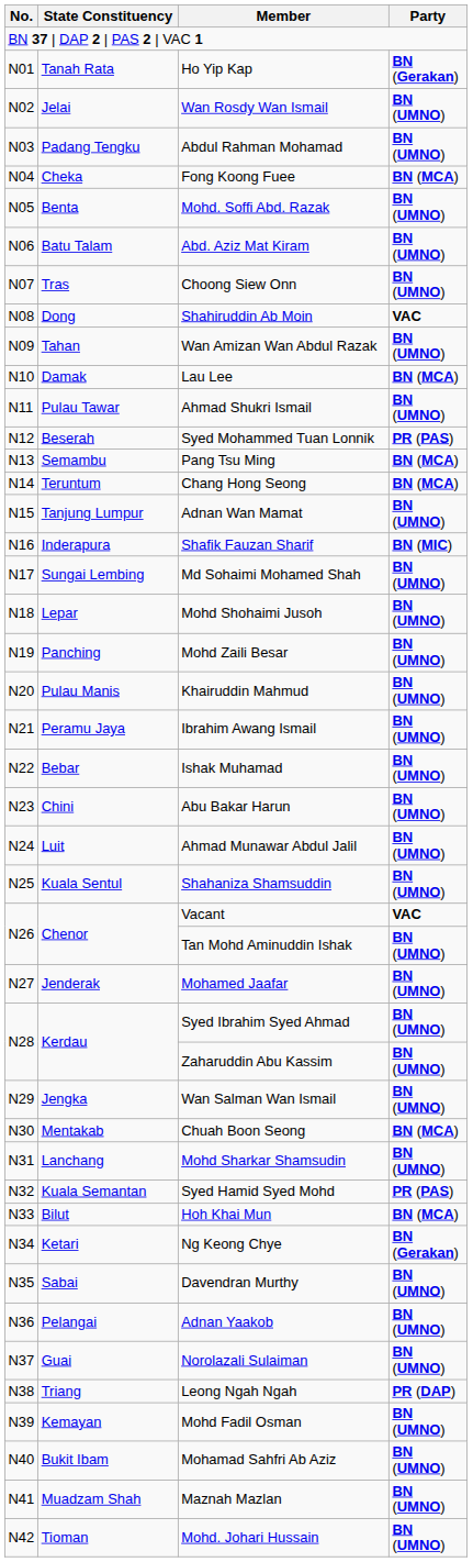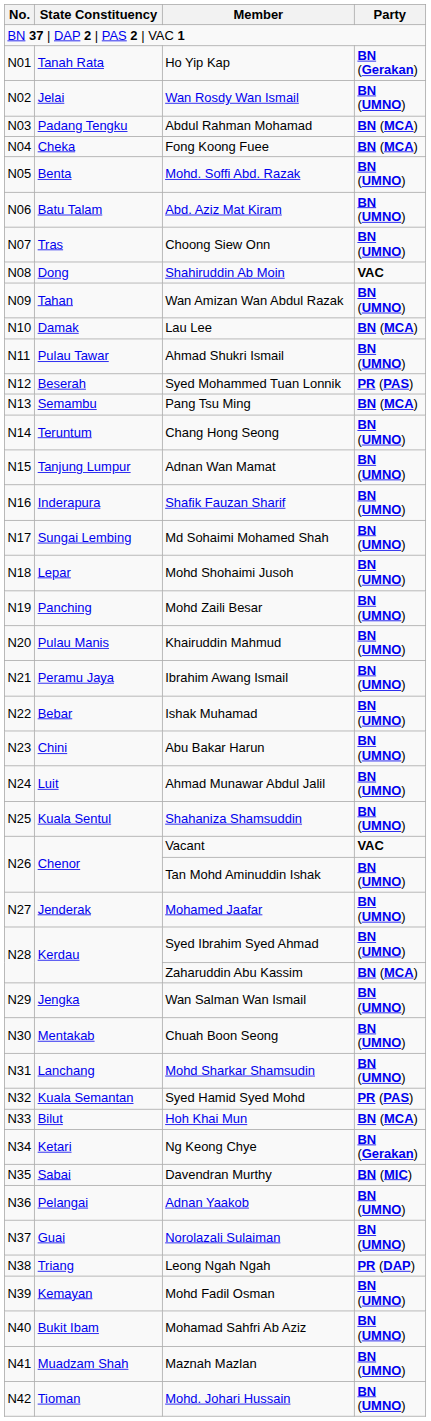 <table class="wikitable sortable">
 <tr>
 <th style="width:30px;">No.</th>
 <th style="width:150px;">State Constituency</th>
 <th style="width:230px;">Member</th>
 <th style="width:80px;">Party</th>
 </tr>
 <tr>
 <td colspan="4"><a href='#'>BN</a> <strong>37</strong> | <a href='#'>DAP</a> <strong>2</strong> | <a href='#'>PAS</a> <strong>2</strong> | VAC <strong>1</strong></td>
 </tr>
 <tr>
 <td>N01</td>
 <td><a href='#'>Tanah Rata</a></td>
 <td>Ho Yip Kap</td>
 <td><strong><a href='#'>BN</a></strong> (<strong><a href='#'>Gerakan</a></strong>)</td>
 </tr>
 <tr>
 <td>N02</td>
 <td><a href='#'>Jelai</a></td>
 <td><a href='#'>Wan Rosdy Wan Ismail</a></td>
 <td><strong><a href='#'>BN</a></strong> (<strong><a href='#'>UMNO</a></strong>)</td>
 </tr>
 <tr>
 <td>N03</td>
 <td><a href='#'>Padang Tengku</a></td>
 <td>Abdul Rahman Mohamad</td>
-<td><strong><a href='#'>BN</a></strong> (<strong><a href='#'>UMNO</a></strong>)</td>
+<td><strong><a href='#'>BN</a></strong> (<strong><a href='#'>MCA</a></strong>)</td>
 </tr>
 <tr>
 <td>N04</td>
 <td><a href='#'>Cheka</a></td>
 <td>Fong Koong Fuee</td>
 <td><strong><a href='#'>BN</a></strong> (<strong><a href='#'>MCA</a></strong>)</td>
 </tr>
 <tr>
 <td>N05</td>
 <td><a href='#'>Benta</a></td>
 <td><a href='#'>Mohd. Soffi Abd. Razak</a></td>
 <td><strong><a href='#'>BN</a></strong> (<strong><a href='#'>UMNO</a></strong>)</td>
 </tr>
 <tr>
 <td>N06</td>
 <td><a href='#'>Batu Talam</a></td>
 <td><a href='#'>Abd. Aziz Mat Kiram</a></td>
 <td><strong><a href='#'>BN</a></strong> (<strong><a href='#'>UMNO</a></strong>)</td>
 </tr>
 <tr>
 <td>N07</td>
 <td><a href='#'>Tras</a></td>
 <td>Choong Siew Onn</td>
 <td><strong><a href='#'>BN</a></strong> (<strong><a href='#'>UMNO</a></strong>)</td>
 </tr>
 <tr>
 <td>N08</td>
 <td><a href='#'>Dong</a></td>
 <td><a href='#'>Shahiruddin Ab Moin</a></td>
 <td><strong>VAC</strong></td>
 </tr>
 <tr>
 <td>N09</td>
 <td><a href='#'>Tahan</a></td>
 <td>Wan Amizan Wan Abdul Razak</td>
 <td><strong><a href='#'>BN</a></strong> (<strong><a href='#'>UMNO</a></strong>)</td>
 </tr>
 <tr>
 <td>N10</td>
 <td><a href='#'>Damak</a></td>
 <td>Lau Lee</td>
 <td><strong><a href='#'>BN</a></strong> (<strong><a href='#'>MCA</a></strong>)</td>
 </tr>
 <tr>
 <td>N11</td>
 <td><a href='#'>Pulau Tawar</a></td>
 <td>Ahmad Shukri Ismail</td>
 <td><strong><a href='#'>BN</a></strong> (<strong><a href='#'>UMNO</a></strong>)</td>
 </tr>
 <tr>
 <td>N12</td>
 <td><a href='#'>Beserah</a></td>
 <td>Syed Mohammed Tuan Lonnik</td>
 <td><strong><a href='#'>PR</a></strong> (<strong><a href='#'>PAS</a></strong>)</td>
 </tr>
 <tr>
 <td>N13</td>
 <td><a href='#'>Semambu</a></td>
 <td>Pang Tsu Ming</td>
 <td><strong><a href='#'>BN</a></strong> (<strong><a href='#'>MCA</a></strong>)</td>
 </tr>
 <tr>
 <td>N14</td>
 <td><a href='#'>Teruntum</a></td>
 <td>Chang Hong Seong</td>
-<td><strong><a href='#'>BN</a></strong> (<strong><a href='#'>MCA</a></strong>)</td>
+<td><strong><a href='#'>BN</a></strong> (<strong><a href='#'>UMNO</a></strong>)</td>
 </tr>
 <tr>
 <td>N15</td>
 <td><a href='#'>Tanjung Lumpur</a></td>
 <td>Adnan Wan Mamat</td>
 <td><strong><a href='#'>BN</a></strong> (<strong><a href='#'>UMNO</a></strong>)</td>
 </tr>
 <tr>
 <td>N16</td>
 <td><a href='#'>Inderapura</a></td>
 <td><a href='#'>Shafik Fauzan Sharif</a></td>
-<td><strong><a href='#'>BN</a></strong> (<strong><a href='#'>MIC</a></strong>)</td>
+<td><strong><a href='#'>BN</a></strong> (<strong><a href='#'>UMNO</a></strong>)</td>
 </tr>
 <tr>
 <td>N17</td>
 <td><a href='#'>Sungai Lembing</a></td>
 <td>Md Sohaimi Mohamed Shah</td>
 <td><strong><a href='#'>BN</a></strong> (<strong><a href='#'>UMNO</a></strong>)</td>
 </tr>
 <tr>
 <td>N18</td>
 <td><a href='#'>Lepar</a></td>
 <td>Mohd Shohaimi Jusoh</td>
 <td><strong><a href='#'>BN</a></strong> (<strong><a href='#'>UMNO</a></strong>)</td>
 </tr>
 <tr>
 <td>N19</td>
 <td><a href='#'>Panching</a></td>
 <td>Mohd Zaili Besar</td>
 <td><strong><a href='#'>BN</a></strong> (<strong><a href='#'>UMNO</a></strong>)</td>
 </tr>
 <tr>
 <td>N20</td>
 <td><a href='#'>Pulau Manis</a></td>
 <td>Khairuddin Mahmud</td>
 <td><strong><a href='#'>BN</a></strong> (<strong><a href='#'>UMNO</a></strong>)</td>
 </tr>
 <tr>
 <td>N21</td>
 <td><a href='#'>Peramu Jaya</a></td>
 <td>Ibrahim Awang Ismail</td>
 <td><strong><a href='#'>BN</a></strong> (<strong><a href='#'>UMNO</a></strong>)</td>
 </tr>
 <tr>
 <td>N22</td>
 <td><a href='#'>Bebar</a></td>
 <td>Ishak Muhamad</td>
 <td><strong><a href='#'>BN</a></strong> (<strong><a href='#'>UMNO</a></strong>)</td>
 </tr>
 <tr>
 <td>N23</td>
 <td><a href='#'>Chini</a></td>
 <td>Abu Bakar Harun</td>
 <td><strong><a href='#'>BN</a></strong> (<strong><a href='#'>UMNO</a></strong>)</td>
 </tr>
 <tr>
 <td>N24</td>
 <td><a href='#'>Luit</a></td>
 <td>Ahmad Munawar Abdul Jalil</td>
 <td><strong><a href='#'>BN</a></strong> (<strong><a href='#'>UMNO</a></strong>)</td>
 </tr>
 <tr>
 <td>N25</td>
 <td><a href='#'>Kuala Sentul</a></td>
 <td><a href='#'>Shahaniza Shamsuddin</a></td>
 <td><strong><a href='#'>BN</a></strong> (<strong><a href='#'>UMNO</a></strong>)</td>
 </tr>
 <tr>
 <td rowspan=2>N26</td>
 <td rowspan=2><a href='#'>Chenor</a></td>
 <td>Vacant </td>
 <td><strong>VAC</strong></td>
 </tr>
 <tr>
 <td>Tan Mohd Aminuddin Ishak </td>
 <td><strong><a href='#'>BN</a></strong> (<strong><a href='#'>UMNO</a></strong>)</td>
 </tr>
 <tr>
 <td>N27</td>
 <td><a href='#'>Jenderak</a></td>
 <td><a href='#'>Mohamed Jaafar</a></td>
 <td><strong><a href='#'>BN</a></strong> (<strong><a href='#'>UMNO</a></strong>)</td>
 </tr>
 <tr>
 <td rowspan=2>N28</td>
 <td rowspan=2><a href='#'>Kerdau</a></td>
 <td>Syed Ibrahim Syed Ahmad </td>
 <td><strong><a href='#'>BN</a></strong> (<strong><a href='#'>UMNO</a></strong>)</td>
 </tr>
 <tr>
 <td>Zaharuddin Abu Kassim </td>
-<td><strong><a href='#'>BN</a></strong> (<strong><a href='#'>UMNO</a></strong>)</td>
+<td><strong><a href='#'>BN</a></strong> (<strong><a href='#'>MCA</a></strong>)</td>
 </tr>
 <tr>
 <td>N29</td>
 <td><a href='#'>Jengka</a></td>
 <td>Wan Salman Wan Ismail</td>
 <td><strong><a href='#'>BN</a></strong> (<strong><a href='#'>UMNO</a></strong>)</td>
 </tr>
 <tr>
 <td>N30</td>
 <td><a href='#'>Mentakab</a></td>
 <td>Chuah Boon Seong</td>
-<td><strong><a href='#'>BN</a></strong> (<strong><a href='#'>MCA</a></strong>)</td>
+<td><strong><a href='#'>BN</a></strong> (<strong><a href='#'>UMNO</a></strong>)</td>
 </tr>
 <tr>
 <td>N31</td>
 <td><a href='#'>Lanchang</a></td>
 <td><a href='#'>Mohd Sharkar Shamsudin</a></td>
 <td><strong><a href='#'>BN</a></strong> (<strong><a href='#'>UMNO</a></strong>)</td>
 </tr>
 <tr>
 <td>N32</td>
 <td><a href='#'>Kuala Semantan</a></td>
 <td>Syed Hamid Syed Mohd</td>
 <td><strong><a href='#'>PR</a></strong> (<strong><a href='#'>PAS</a></strong>)</td>
 </tr>
 <tr>
 <td>N33</td>
 <td><a href='#'>Bilut</a></td>
 <td><a href='#'>Hoh Khai Mun</a></td>
 <td><strong><a href='#'>BN</a></strong> (<strong><a href='#'>MCA</a></strong>)</td>
 </tr>
 <tr>
 <td>N34</td>
 <td><a href='#'>Ketari</a></td>
 <td>Ng Keong Chye</td>
 <td><strong><a href='#'>BN</a></strong> (<strong><a href='#'>Gerakan</a></strong>)</td>
 </tr>
 <tr>
 <td>N35</td>
 <td><a href='#'>Sabai</a></td>
 <td>Davendran Murthy</td>
-<td><strong><a href='#'>BN</a></strong> (<strong><a href='#'>UMNO</a></strong>)</td>
+<td><strong><a href='#'>BN</a></strong> (<strong><a href='#'>MIC</a></strong>)</td>
 </tr>
 <tr>
 <td>N36</td>
 <td><a href='#'>Pelangai</a></td>
 <td><a href='#'>Adnan Yaakob</a></td>
 <td><strong><a href='#'>BN</a></strong> (<strong><a href='#'>UMNO</a></strong>)</td>
 </tr>
 <tr>
 <td>N37</td>
 <td><a href='#'>Guai</a></td>
 <td><a href='#'>Norolazali Sulaiman</a></td>
 <td><strong><a href='#'>BN</a></strong> (<strong><a href='#'>UMNO</a></strong>)</td>
 </tr>
 <tr>
 <td>N38</td>
 <td><a href='#'>Triang</a></td>
 <td>Leong Ngah Ngah</td>
 <td><strong><a href='#'>PR</a></strong> (<strong><a href='#'>DAP</a></strong>)</td>
 </tr>
 <tr>
 <td>N39</td>
 <td><a href='#'>Kemayan</a></td>
 <td>Mohd Fadil Osman</td>
 <td><strong><a href='#'>BN</a></strong> (<strong><a href='#'>UMNO</a></strong>)</td>
 </tr>
 <tr>
 <td>N40</td>
 <td><a href='#'>Bukit Ibam</a></td>
 <td>Mohamad Sahfri Ab Aziz</td>
 <td><strong><a href='#'>BN</a></strong> (<strong><a href='#'>UMNO</a></strong>)</td>
 </tr>
 <tr>
 <td>N41</td>
 <td><a href='#'>Muadzam Shah</a></td>
 <td>Maznah Mazlan</td>
 <td><strong><a href='#'>BN</a></strong> (<strong><a href='#'>UMNO</a></strong>)</td>
 </tr>
 <tr>
 <td>N42</td>
 <td><a href='#'>Tioman</a></td>
 <td><a href='#'>Mohd. Johari Hussain</a></td>
 <td><strong><a href='#'>BN</a></strong> (<strong><a href='#'>UMNO</a></strong>)</td>
 </tr>
 </table>
